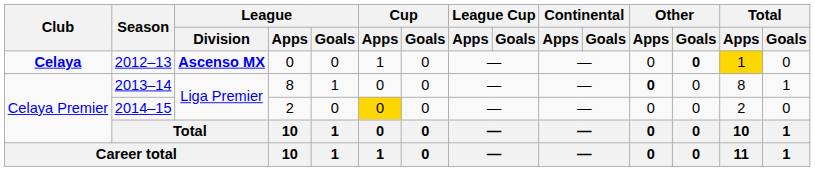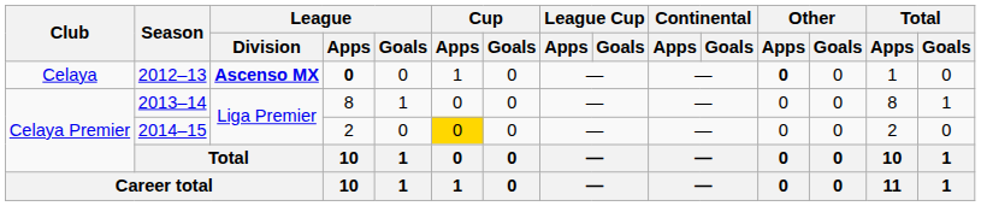 <table class="wikitable" style="text-align:center">
 <tr>
 <th rowspan="2">Club</th>
 <th rowspan="2">Season</th>
 <th colspan="3">League</th>
 <th colspan="2">Cup</th>
 <th colspan="2">League Cup</th>
 <th colspan="2">Continental</th>
 <th colspan="2">Other</th>
 <th colspan="2">Total</th>
 </tr>
 <tr>
 <th>Division</th>
 <th>Apps</th>
 <th>Goals</th>
 <th>Apps</th>
 <th>Goals</th>
 <th>Apps</th>
 <th>Goals</th>
 <th>Apps</th>
 <th>Goals</th>
 <th>Apps</th>
 <th>Goals</th>
 <th>Apps</th>
 <th>Goals</th>
 </tr>
 <tr>
-<td rowspan="1"><strong><a href='#'>Celaya</a></strong></td>
+<td rowspan="1"><a href='#'>Celaya</a></td>
 <td><a href='#'>2012–13</a></td>
 <td rowspan="1"><strong><a href='#'>Ascenso MX</a></strong></td>
-<td>0</td>
+<td><strong>0</strong></td>
 <td>0</td>
 <td>1</td>
 <td>0</td>
 <td colspan="2">—</td>
 <td colspan="2">—</td>
+<td><strong>0</strong></td>
 <td>0</td>
-<td><strong>0</strong></td>
-<td style="background: gold;">1</td>
+<td>1</td>
 <td>0</td>
 </tr>
 <tr>
 <td rowspan="3"><a href='#'>Celaya Premier</a></td>
 <td><a href='#'>2013–14</a></td>
 <td rowspan="2"><a href='#'>Liga Premier</a></td>
 <td>8</td>
 <td>1</td>
 <td>0</td>
 <td>0</td>
 <td colspan="2">—</td>
 <td colspan="2">—</td>
-<td><strong>0</strong></td>
+<td>0</td>
 <td>0</td>
 <td>8</td>
 <td>1</td>
 </tr>
 <tr>
 <td><a href='#'>2014–15</a></td>
 <td>2</td>
 <td>0</td>
 <td style="background: gold;">0</td>
 <td>0</td>
 <td colspan="2">—</td>
 <td colspan="2">—</td>
 <td>0</td>
 <td>0</td>
 <td>2</td>
 <td>0</td>
 </tr>
 <tr>
 <th colspan="2">Total</th>
 <th>10</th>
 <th>1</th>
 <th>0</th>
 <th>0</th>
 <th colspan="2">—</th>
 <th colspan="2">—</th>
 <th>0</th>
 <th>0</th>
 <th>10</th>
 <th>1</th>
 </tr>
 <tr>
 <th colspan="3">Career total</th>
 <th>10</th>
 <th>1</th>
 <th>1</th>
 <th>0</th>
 <th colspan="2">—</th>
 <th colspan="2">—</th>
 <th>0</th>
 <th>0</th>
 <th>11</th>
 <th>1</th>
 </tr>
 </table>
